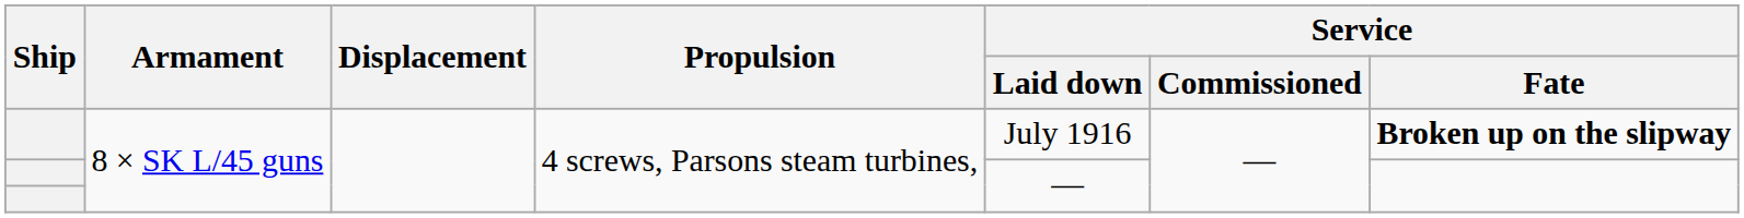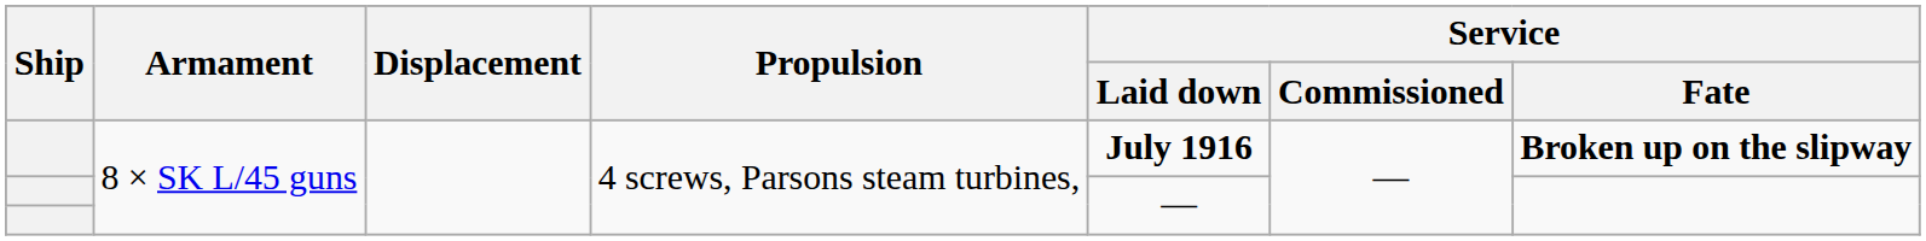 <table class="wikitable plainrowheaders" style="text-align: center">
 <tr valign="center">
 <th scope="col" rowspan="2">Ship</th>
 <th scope="col" rowspan="2">Armament</th>
 <th scope="col" rowspan="2">Displacement</th>
 <th scope="col" rowspan="2">Propulsion</th>
 <th scope="col" colspan="3">Service</th>
 </tr>
 <tr valign="center">
 <th scope="col">Laid down</th>
 <th scope="col">Commissioned</th>
 <th scope="col">Fate</th>
 </tr>
 <tr valign="center">
 <th scope="row"></th>
 <td rowspan="3">8 × <a href='#'> SK L/45 guns</a></td>
 <td rowspan="3"></td>
 <td rowspan="3">4 screws, Parsons steam turbines, </td>
-<td>July 1916</td>
+<td><strong>July 1916</strong></td>
 <td rowspan="3">—</td>
 <td rowspan="1"><strong>Broken up on the slipway</strong></td>
 </tr>
 <tr valign="center">
 <th scope="row"></th>
 <td rowspan="2">—</td>
 </tr>
 <tr valign="center">
 <th scope="row"></th>
 </tr>
 </table>
